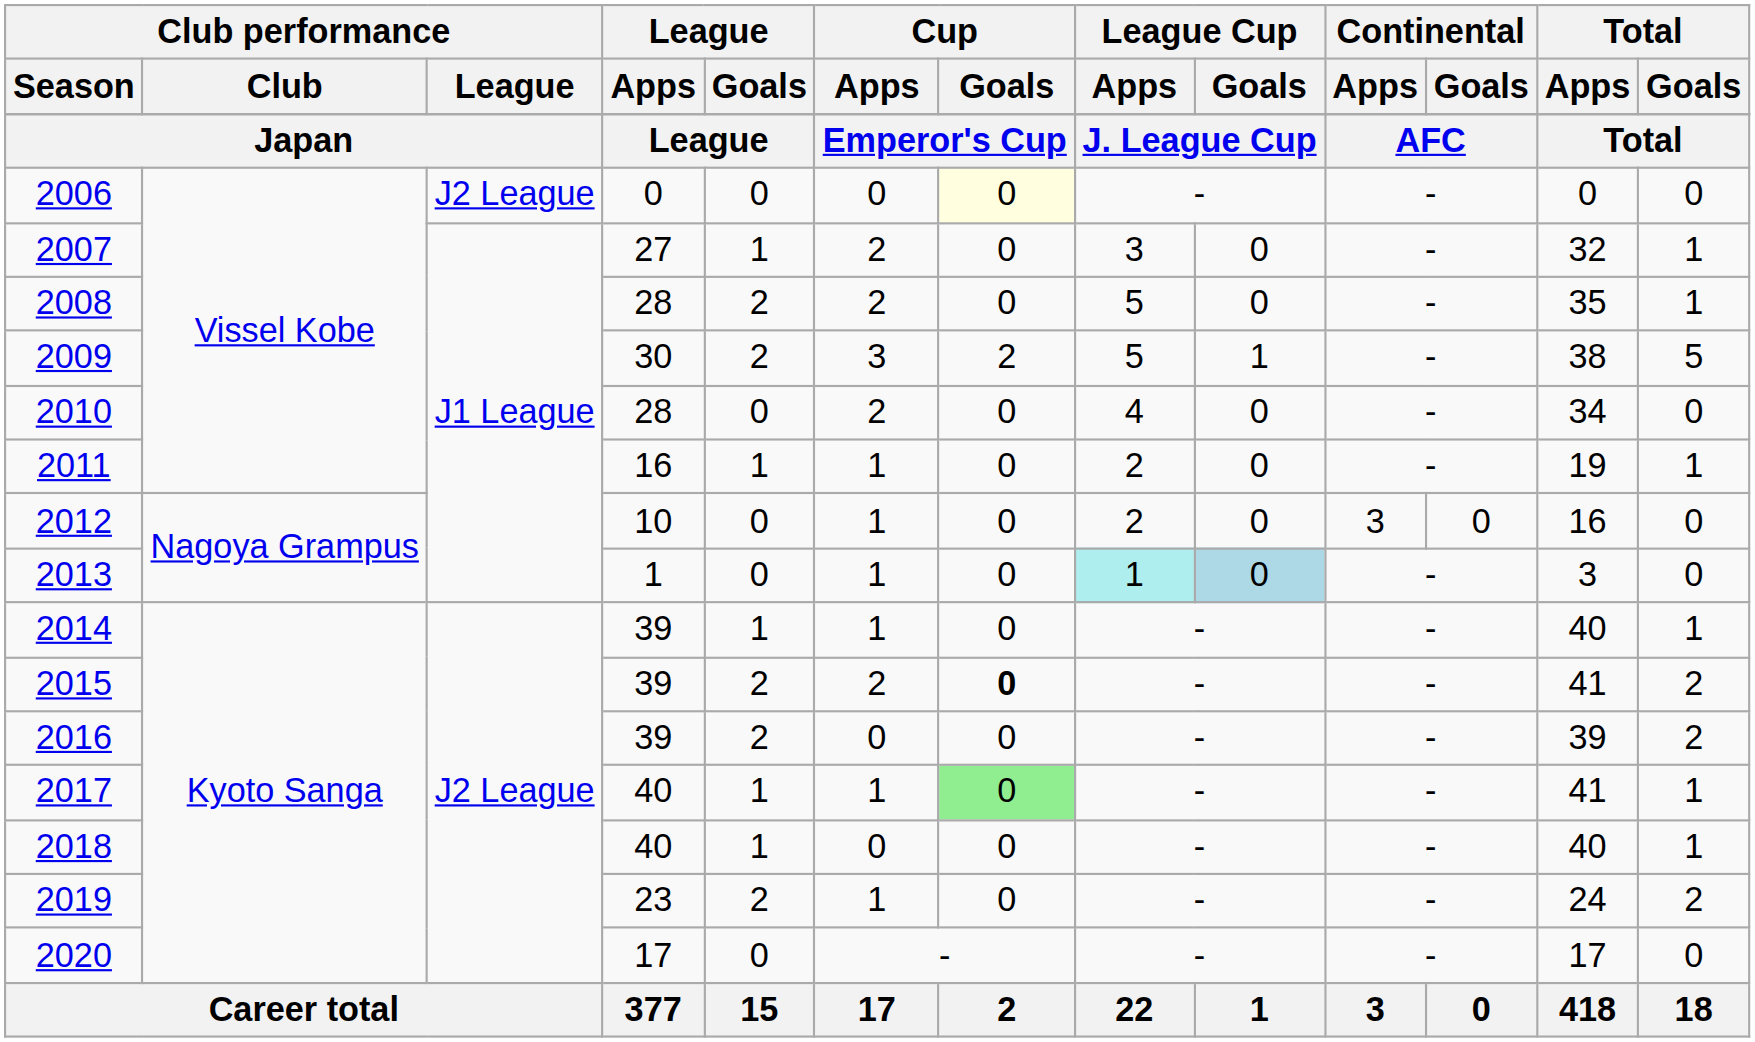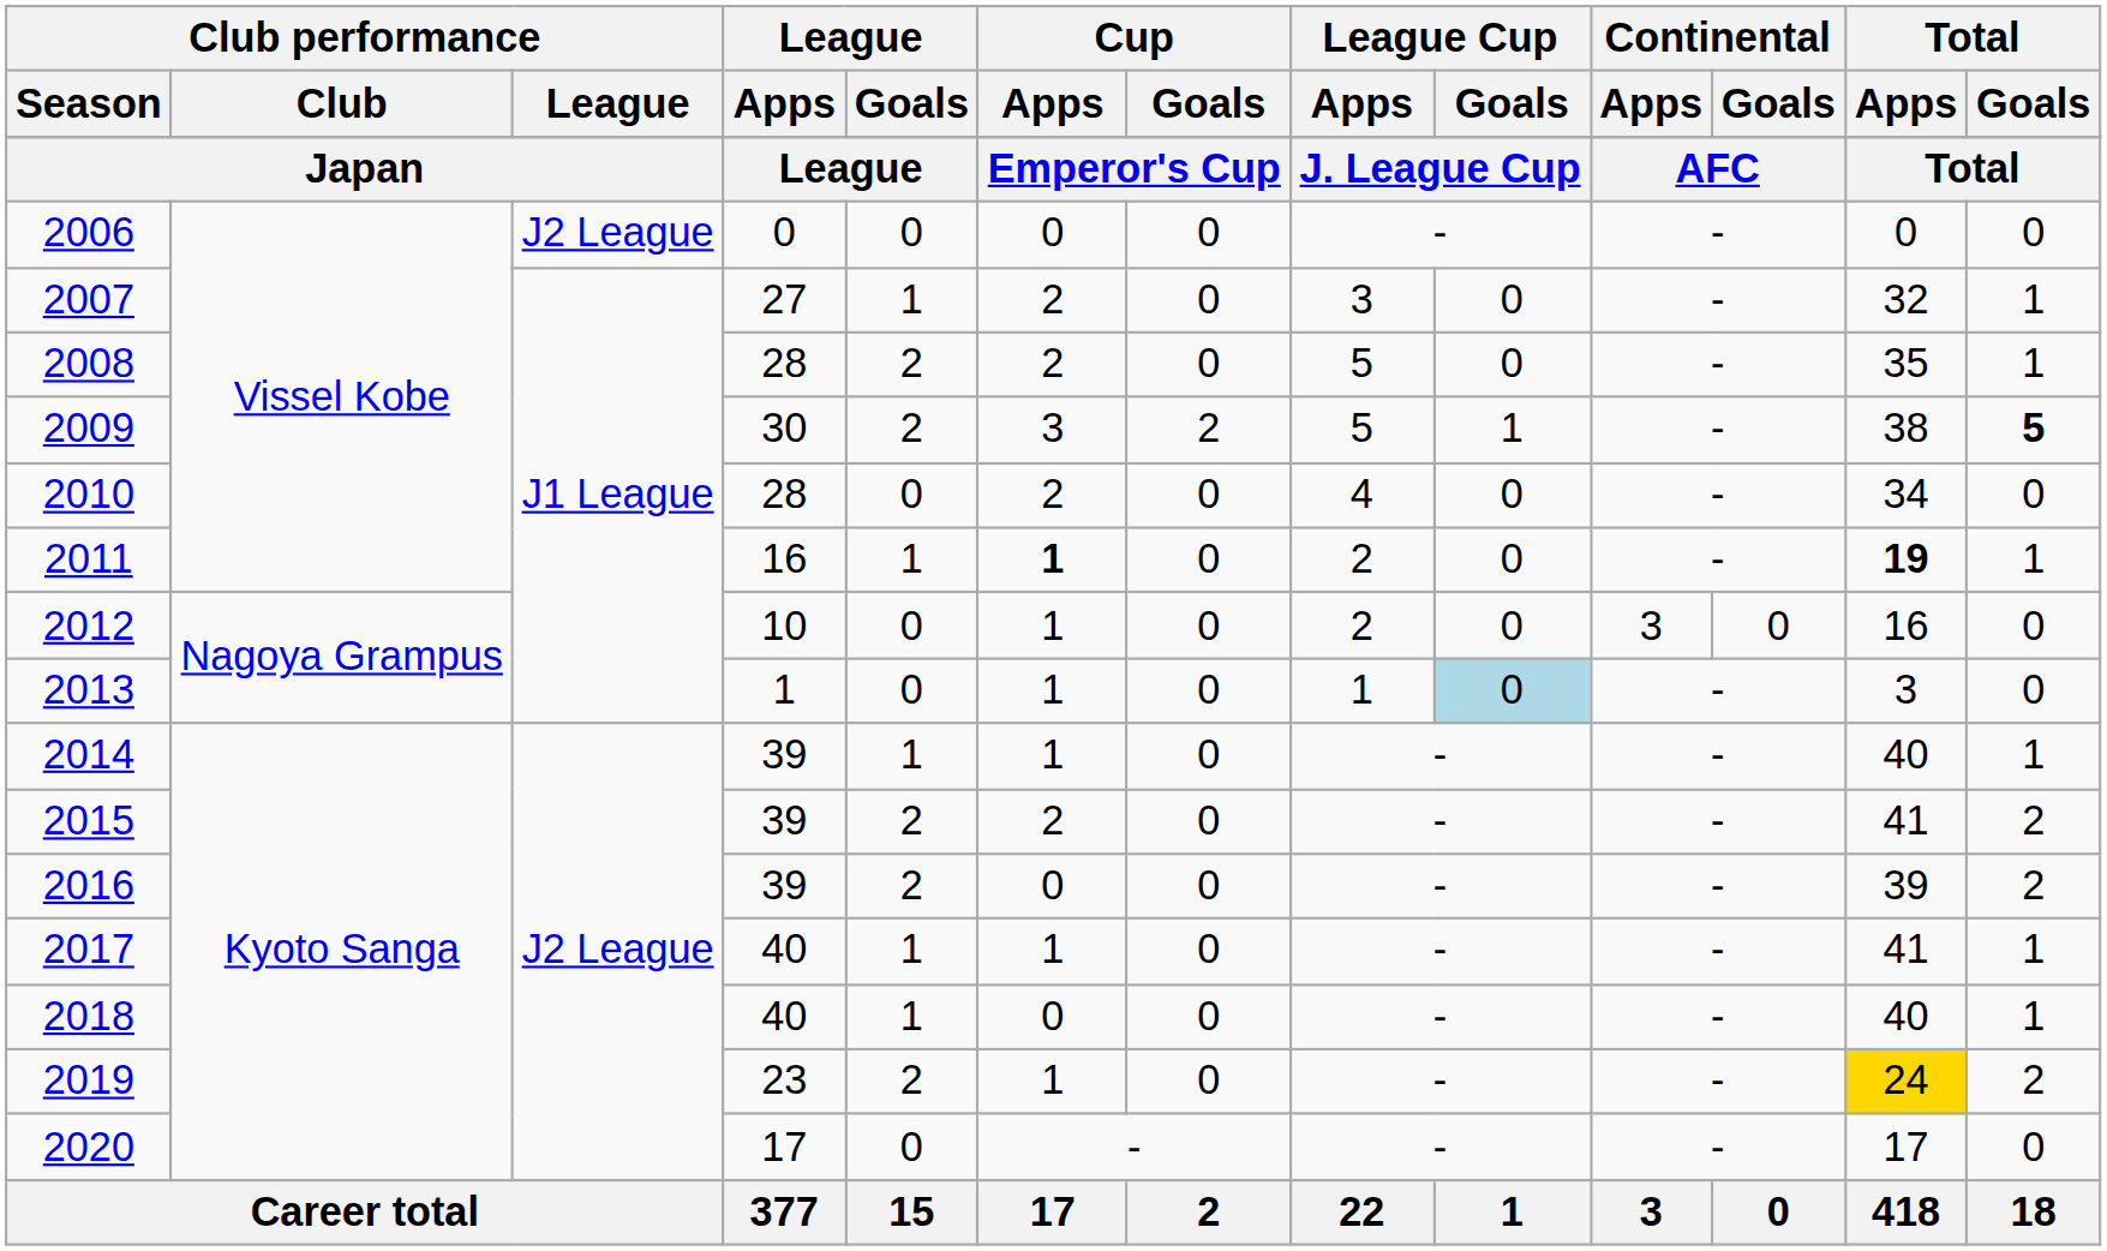 <table class="wikitable" style="text-align:center">
 <tr>
 <th colspan=3>Club performance</th>
 <th colspan=2>League</th>
 <th colspan=2>Cup</th>
 <th colspan=2>League Cup</th>
 <th colspan=2>Continental</th>
 <th colspan=2>Total</th>
 </tr>
 <tr>
 <th>Season</th>
 <th>Club</th>
 <th>League</th>
 <th>Apps</th>
 <th>Goals</th>
 <th>Apps</th>
 <th>Goals</th>
 <th>Apps</th>
 <th>Goals</th>
 <th>Apps</th>
 <th>Goals</th>
 <th>Apps</th>
 <th>Goals</th>
 </tr>
 <tr>
 </tr>
 <tr>
 <th colspan=3>Japan</th>
 <th colspan=2>League</th>
 <th colspan=2><a href='#'>Emperor's Cup</a></th>
 <th colspan=2><a href='#'>J. League Cup</a></th>
 <th colspan=2><a href='#'>AFC</a></th>
 <th colspan=2>Total</th>
 </tr>
 <tr>
 <td><a href='#'>2006</a></td>
 <td rowspan="6"><a href='#'>Vissel Kobe</a></td>
 <td><a href='#'>J2 League</a></td>
 <td>0</td>
 <td>0</td>
 <td>0</td>
-<td style="background: lightyellow;">0</td>
+<td>0</td>
 <td colspan="2">-</td>
 <td colspan="2">-</td>
 <td>0</td>
 <td>0</td>
 </tr>
 <tr>
 <td><a href='#'>2007</a></td>
 <td rowspan="7"><a href='#'>J1 League</a></td>
 <td>27</td>
 <td>1</td>
 <td>2</td>
 <td>0</td>
 <td>3</td>
 <td>0</td>
 <td colspan="2">-</td>
 <td>32</td>
 <td>1</td>
 </tr>
 <tr>
 <td><a href='#'>2008</a></td>
 <td>28</td>
 <td>2</td>
 <td>2</td>
 <td>0</td>
 <td>5</td>
 <td>0</td>
 <td colspan="2">-</td>
 <td>35</td>
 <td>1</td>
 </tr>
 <tr>
 <td><a href='#'>2009</a></td>
 <td>30</td>
 <td>2</td>
 <td>3</td>
 <td>2</td>
 <td>5</td>
 <td>1</td>
 <td colspan="2">-</td>
 <td>38</td>
-<td>5</td>
+<td><strong>5</strong></td>
 </tr>
 <tr>
 <td><a href='#'>2010</a></td>
 <td>28</td>
 <td>0</td>
 <td>2</td>
 <td>0</td>
 <td>4</td>
 <td>0</td>
 <td colspan="2">-</td>
 <td>34</td>
 <td>0</td>
 </tr>
 <tr>
 <td><a href='#'>2011</a></td>
 <td>16</td>
 <td>1</td>
-<td>1</td>
+<td><strong>1</strong></td>
 <td>0</td>
 <td>2</td>
 <td>0</td>
 <td colspan="2">-</td>
-<td>19</td>
+<td><strong>19</strong></td>
 <td>1</td>
 </tr>
 <tr>
 <td><a href='#'>2012</a></td>
 <td rowspan="2"><a href='#'>Nagoya Grampus</a></td>
 <td>10</td>
 <td>0</td>
 <td>1</td>
 <td>0</td>
 <td>2</td>
 <td>0</td>
 <td>3</td>
 <td>0</td>
 <td>16</td>
 <td>0</td>
 </tr>
 <tr>
 <td><a href='#'>2013</a></td>
 <td>1</td>
 <td>0</td>
 <td>1</td>
 <td>0</td>
-<td style="background: paleturquoise;">1</td>
+<td>1</td>
 <td style="background: lightblue;">0</td>
 <td colspan="2">-</td>
 <td>3</td>
 <td>0</td>
 </tr>
 <tr>
 <td><a href='#'>2014</a></td>
 <td rowspan="7"><a href='#'>Kyoto Sanga</a></td>
 <td rowspan="7"><a href='#'>J2 League</a></td>
 <td>39</td>
 <td>1</td>
 <td>1</td>
 <td>0</td>
 <td colspan="2">-</td>
 <td colspan="2">-</td>
 <td>40</td>
 <td>1</td>
 </tr>
 <tr>
 <td><a href='#'>2015</a></td>
 <td>39</td>
 <td>2</td>
 <td>2</td>
-<td><strong>0</strong></td>
+<td>0</td>
 <td colspan="2">-</td>
 <td colspan="2">-</td>
 <td>41</td>
 <td>2</td>
 </tr>
 <tr>
 <td><a href='#'>2016</a></td>
 <td>39</td>
 <td>2</td>
 <td>0</td>
 <td>0</td>
 <td colspan="2">-</td>
 <td colspan="2">-</td>
 <td>39</td>
 <td>2</td>
 </tr>
 <tr>
 <td><a href='#'>2017</a></td>
 <td>40</td>
 <td>1</td>
 <td>1</td>
-<td style="background: lightgreen;">0</td>
+<td>0</td>
 <td colspan="2">-</td>
 <td colspan="2">-</td>
 <td>41</td>
 <td>1</td>
 </tr>
 <tr>
 <td><a href='#'>2018</a></td>
 <td>40</td>
 <td>1</td>
 <td>0</td>
 <td>0</td>
 <td colspan="2">-</td>
 <td colspan="2">-</td>
 <td>40</td>
 <td>1</td>
 </tr>
 <tr>
 <td><a href='#'>2019</a></td>
 <td>23</td>
 <td>2</td>
 <td>1</td>
 <td>0</td>
 <td colspan="2">-</td>
 <td colspan="2">-</td>
-<td>24</td>
+<td style="background: gold;">24</td>
 <td>2</td>
 </tr>
 <tr>
 <td><a href='#'>2020</a></td>
 <td>17</td>
 <td>0</td>
 <td colspan="2">-</td>
 <td colspan="2">-</td>
 <td colspan="2">-</td>
 <td>17</td>
 <td>0</td>
 </tr>
 <tr>
 <th colspan=3>Career total</th>
 <th>377</th>
 <th>15</th>
 <th>17</th>
 <th>2</th>
 <th>22</th>
 <th>1</th>
 <th>3</th>
 <th>0</th>
 <th>418</th>
 <th>18</th>
 </tr>
 </table>
